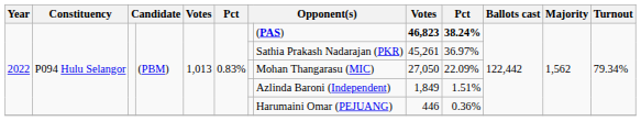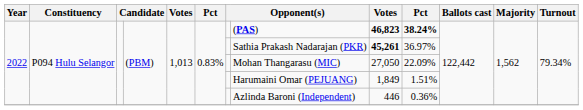 <table class="wikitable" style="margin:0.5em ; font-size:95%">
 <tr>
 <th>Year</th>
 <th>Constituency</th>
 <th colspan="2">Candidate</th>
 <th>Votes</th>
 <th>Pct</th>
 <th colspan=2>Opponent(s)</th>
 <th>Votes</th>
 <th>Pct</th>
 <th>Ballots cast</th>
 <th>Majority</th>
 <th>Turnout</th>
 </tr>
 <tr>
 <td rowspan=5><a href='#'>2022</a></td>
 <td rowspan=5>P094 <a href='#'>Hulu Selangor</a></td>
 <td rowspan=5></td>
 <td rowspan=5> (<a href='#'>PBM</a>)</td>
 <td rowspan=5 align="right">1,013</td>
 <td rowspan=5 align=right>0.83%</td>
 <td bgcolor=></td>
 <td> (<a href='#'><strong>PAS</strong></a>)</td>
 <td align="right'"><strong>46,823</strong></td>
 <td><strong>38.24%</strong></td>
 <td rowspan=5>122,442</td>
 <td rowspan=5>1,562</td>
 <td rowspan=5>79.34%</td>
 </tr>
 <tr>
 <td></td>
 <td>Sathia Prakash Nadarajan (<a href='#'>PKR</a>)</td>
-<td align="right">45,261</td>
+<td align="right"><strong>45,261</strong></td>
 <td>36.97%</td>
 </tr>
 <tr>
 <td></td>
 <td>Mohan Thangarasu (<a href='#'>MIC</a>)</td>
 <td align="right">27,050</td>
 <td>22.09%</td>
 </tr>
 <tr>
 <td bgcolor=></td>
-<td>Azlinda Baroni (<a href='#'>Independent</a>)</td>
+<td>Harumaini Omar (<a href='#'>PEJUANG</a>)</td>
 <td align="right">1,849</td>
 <td align="right">1.51%</td>
 </tr>
 <tr>
 <td></td>
-<td>Harumaini Omar (<a href='#'>PEJUANG</a>)</td>
+<td>Azlinda Baroni (<a href='#'>Independent</a>)</td>
 <td align="right">446</td>
 <td align=right>0.36%</td>
 </tr>
 <tr>
 </tr>
 </table>
